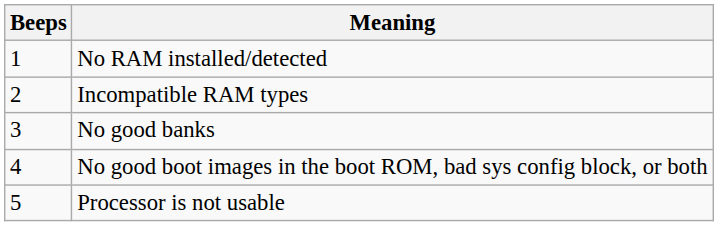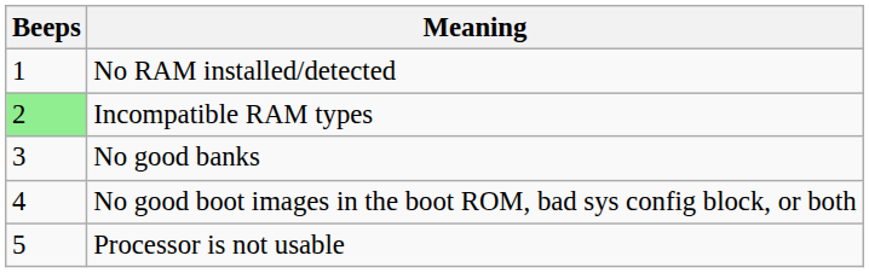 <table class="wikitable">
 <tr>
 <th>Beeps</th>
 <th>Meaning</th>
 </tr>
 <tr>
 <td>1</td>
 <td>No RAM installed/detected</td>
 </tr>
 <tr>
-<td>2</td>
+<td style="background: lightgreen;">2</td>
 <td>Incompatible RAM types</td>
 </tr>
 <tr>
 <td>3</td>
 <td>No good banks</td>
 </tr>
 <tr>
 <td>4</td>
 <td>No good boot images in the boot ROM, bad sys config block, or both</td>
 </tr>
 <tr>
 <td>5</td>
 <td>Processor is not usable</td>
 </tr>
 </table>
